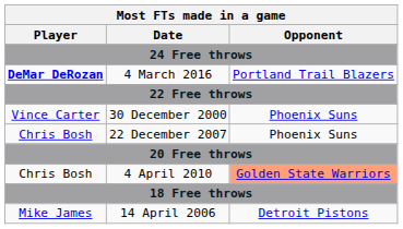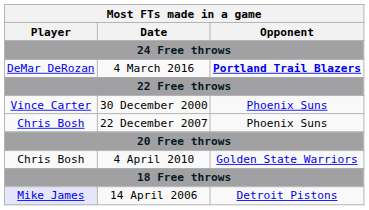 <table class="wikitable" style="text-align:center">
 <tr>
 <th colspan="4">Most FTs made in a game</th>
 </tr>
 <tr>
 <th>Player</th>
 <th>Date</th>
 <th>Opponent</th>
 </tr>
 <tr>
 <th colspan="3" style="text-align:center; background:#A1A1A4; color:#061922;">24 Free throws</th>
 </tr>
 <tr>
-<td><strong><a href='#'>DeMar DeRozan</a></strong></td>
+<td><a href='#'>DeMar DeRozan</a></td>
 <td>4 March 2016</td>
-<td><a href='#'>Portland Trail Blazers</a></td>
+<td><strong><a href='#'>Portland Trail Blazers</a></strong></td>
 </tr>
 <tr>
 <th colspan="3" style="text-align:center; background:#A1A1A4; color:#061922;">22 Free throws</th>
 </tr>
 <tr>
 <td><a href='#'>Vince Carter</a></td>
 <td>30 December 2000</td>
 <td><a href='#'>Phoenix Suns</a></td>
 </tr>
 <tr>
 <td><a href='#'>Chris Bosh</a></td>
 <td>22 December 2007</td>
 <td>Phoenix Suns</td>
 </tr>
 <tr>
 <th colspan="3" style="text-align:center; background:#A1A1A4; color:#061922;">20 Free throws</th>
 </tr>
 <tr>
 <td>Chris Bosh</td>
 <td>4 April 2010</td>
-<td style="background: lightsalmon;"><a href='#'>Golden State Warriors</a></td>
+<td><a href='#'>Golden State Warriors</a></td>
 </tr>
 <tr>
 <th colspan="3" style="text-align:center; background:#A1A1A4; color:#061922;">18 Free throws</th>
 </tr>
 <tr>
-<td><a href='#'>Mike James</a></td>
+<td style="background: lavender;"><a href='#'>Mike James</a></td>
 <td>14 April 2006</td>
 <td><a href='#'>Detroit Pistons</a></td>
 </tr>
 </table>
